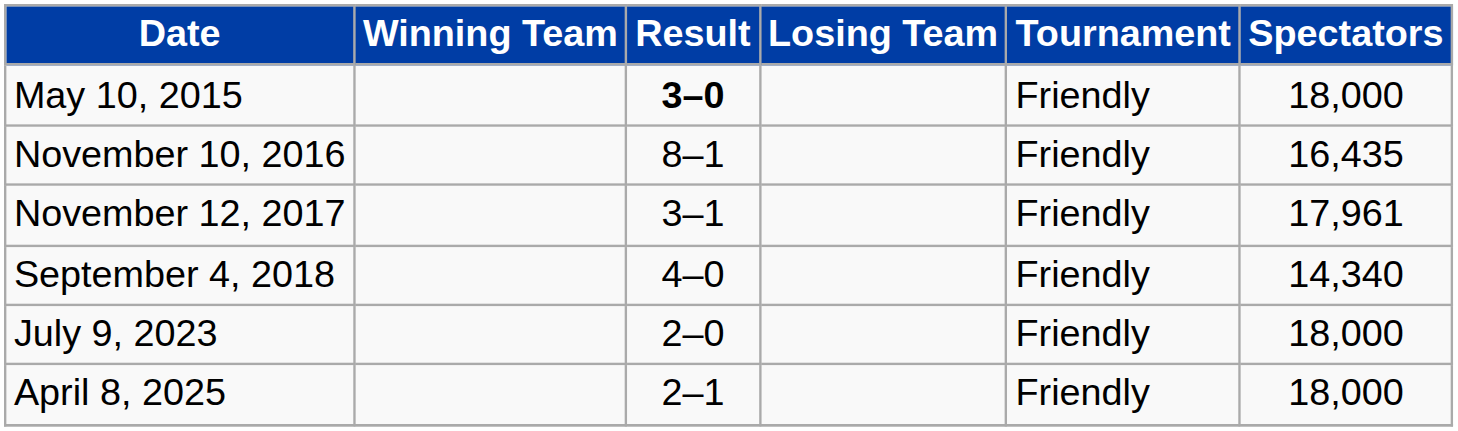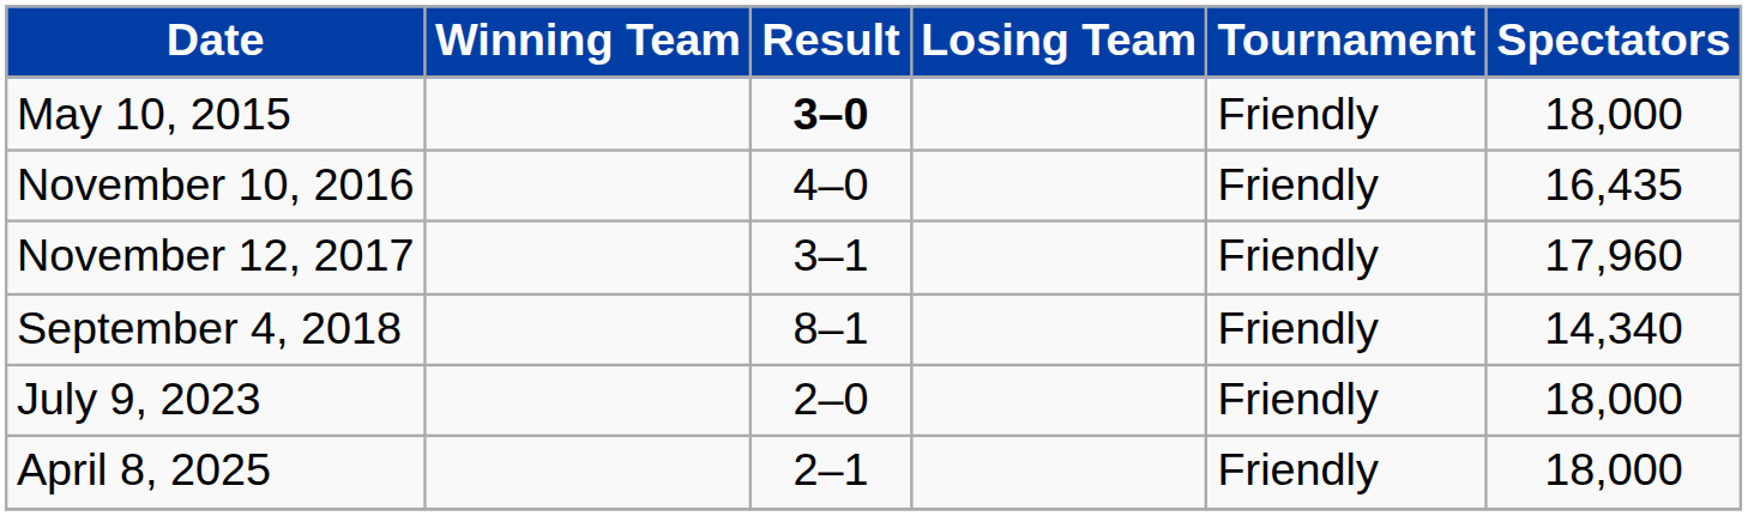 <table class="wikitable">
 <tr>
 <th style="text-align:center;  background:#003DA5; color:#FFFFFF; ">Date</th>
 <th style="text-align:center;  background:#003DA5; color:#FFFFFF; ">Winning Team</th>
 <th style="text-align:center; background:#003DA5; color:#FFFFFF; ">Result</th>
 <th style="text-align:center;  background:#003DA5; color:#FFFFFF; ">Losing Team</th>
 <th style="text-align:center;  background:#003DA5; color:#FFFFFF; ">Tournament</th>
 <th style="text-align:center; background:#003DA5; color:#FFFFFF; ">Spectators</th>
 </tr>
 <tr>
 <td>May 10, 2015</td>
 <td><strong></strong></td>
 <td style="text-align:center;"><strong>3–0</strong></td>
 <td></td>
 <td>Friendly</td>
 <td style="text-align:center;">18,000</td>
 </tr>
 <tr>
 <td>November 10, 2016</td>
 <td><strong></strong></td>
-<td style="text-align:center;">8–1</td>
+<td style="text-align:center;">4–0</td>
 <td></td>
 <td>Friendly</td>
 <td style="text-align:center;">16,435</td>
 </tr>
 <tr>
 <td>November 12, 2017</td>
 <td><strong></strong></td>
 <td style="text-align:center;">3–1</td>
 <td></td>
 <td>Friendly</td>
-<td style="text-align:center;">17,961</td>
+<td style="text-align:center;">17,960</td>
 </tr>
 <tr>
 <td>September 4, 2018</td>
 <td><strong></strong></td>
-<td style="text-align:center;">4–0</td>
+<td style="text-align:center;">8–1</td>
 <td></td>
 <td>Friendly</td>
 <td style="text-align:center;">14,340</td>
 </tr>
 <tr>
 <td>July 9, 2023</td>
 <td><strong></strong></td>
 <td style="text-align:center;">2–0</td>
 <td></td>
 <td>Friendly</td>
 <td style="text-align:center;">18,000</td>
 </tr>
 <tr>
 <td>April 8, 2025</td>
 <td><strong></strong></td>
 <td style="text-align:center;">2–1</td>
 <td></td>
 <td>Friendly</td>
 <td style="text-align:center;">18,000</td>
 </tr>
 <tr>
 </tr>
 </table>
